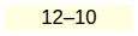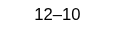 <table style="text-align:center">
 <tr>
 <th width=200></th>
 <th width=100></th>
 <th width=200></th>
 </tr>
 <tr>
 <td align=right><strong></strong></td>
-<td style="background: lightyellow;">12–10</td>
+<td>12–10</td>
 <td align=left></td>
 </tr>
 </table>
